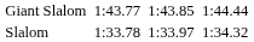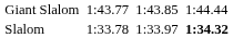 <table>
 <tr>
 <td>Giant Slalom</td>
 <td></td>
 <td>1:43.77</td>
 <td></td>
 <td>1:43.85</td>
 <td></td>
 <td>1:44.44</td>
 </tr>
 <tr>
 <td>Slalom</td>
 <td></td>
 <td>1:33.78</td>
 <td></td>
 <td>1:33.97</td>
 <td></td>
-<td>1:34.32</td>
+<td><strong>1:34.32</strong></td>
 </tr>
 </table>
